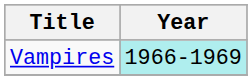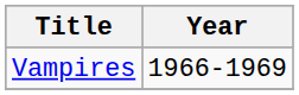 <table class="wikitable">
 <tr>
 <th>Title</th>
 <th>Year</th>
 </tr>
 <tr>
 <td><a href='#'>Vampires</a></td>
-<td style="background: paleturquoise;">1966-1969</td>
+<td>1966-1969</td>
 </tr>
 <tr>
 </tr>
 </table>
